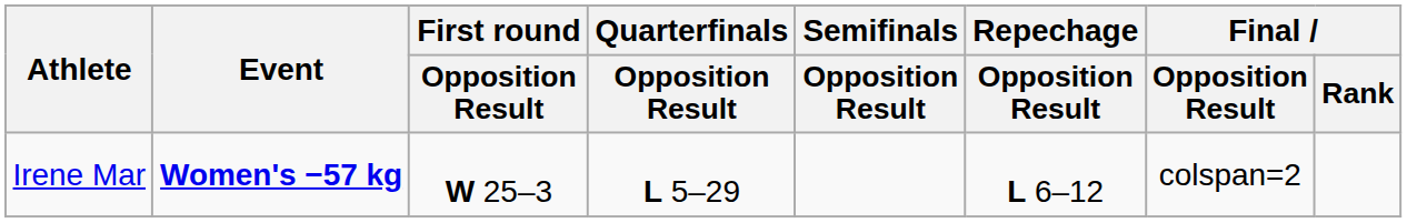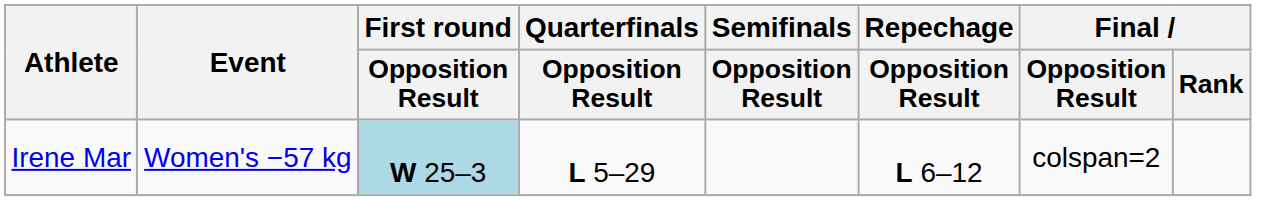 <table class="wikitable" style="font-size:90%;">
 <tr>
 <th rowspan=2>Athlete</th>
 <th rowspan=2>Event</th>
 <th>First round</th>
 <th>Quarterfinals</th>
 <th>Semifinals</th>
 <th>Repechage</th>
 <th colspan=2>Final / </th>
 </tr>
 <tr style="font-size:95%">
 <th>Opposition<br>Result</th>
 <th>Opposition<br>Result</th>
 <th>Opposition<br>Result</th>
 <th>Opposition<br>Result</th>
 <th>Opposition<br>Result</th>
 <th>Rank</th>
 </tr>
 <tr align=center>
 <td align=left><a href='#'>Irene Mar</a></td>
-<td align=left><strong><a href='#'>Women's −57 kg</a></strong></td>
-<td><br><strong>W</strong> 25–3</td>
+<td align=left><a href='#'>Women's −57 kg</a></td>
+<td style="background: lightblue;"><br><strong>W</strong> 25–3</td>
 <td><br><strong>L</strong> 5–29</td>
 <td></td>
 <td><br><strong>L</strong> 6–12</td>
 <td>colspan=2 </td>
 </tr>
 </table>
